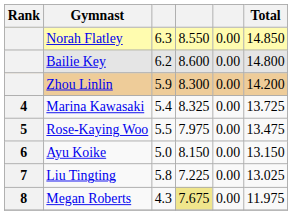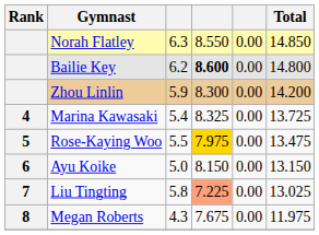 <table class="wikitable sortable" style="text-align:center; font-size:95%">
 <tr>
 <th scope=col>Rank</th>
 <th scope=col>Gymnast</th>
 <th scope=col></th>
 <th scope=col></th>
 <th scope=col></th>
 <th scope=col>Total</th>
 </tr>
 <tr bgcolor=fffcaf>
 <th scope=row style="text-align:center"></th>
 <td align=left><a href='#'>Norah Flatley</a><br></td>
 <td>6.3</td>
 <td>8.550</td>
 <td>0.00</td>
 <td>14.850</td>
 </tr>
 <tr bgcolor=e5e5e5>
 <th scope=row style="text-align:center"></th>
 <td align=left><a href='#'>Bailie Key</a><br></td>
 <td>6.2</td>
-<td>8.600</td>
+<td><strong>8.600</strong></td>
 <td>0.00</td>
 <td>14.800</td>
 </tr>
 <tr bgcolor=eecc99>
 <th scope=row style="text-align:center"></th>
 <td align=left><a href='#'>Zhou Linlin</a><br></td>
 <td>5.9</td>
 <td>8.300</td>
 <td>0.00</td>
 <td>14.200</td>
 </tr>
 <tr>
 <th scope=row style="text-align:center">4</th>
 <td align=left><a href='#'>Marina Kawasaki</a><br></td>
 <td>5.4</td>
 <td>8.325</td>
 <td>0.00</td>
 <td>13.725</td>
 </tr>
 <tr>
 <th scope=row style="text-align:center">5</th>
 <td align=left><a href='#'>Rose-Kaying Woo</a><br></td>
 <td>5.5</td>
-<td>7.975</td>
+<td style="background: gold;">7.975</td>
 <td>0.00</td>
 <td>13.475</td>
 </tr>
 <tr>
 <th scope=row style="text-align:center">6</th>
 <td align=left><a href='#'>Ayu Koike</a><br></td>
 <td>5.0</td>
 <td>8.150</td>
 <td>0.00</td>
 <td>13.150</td>
 </tr>
 <tr>
 <th scope=row style="text-align:center">7</th>
 <td align=left><a href='#'>Liu Tingting</a><br></td>
 <td>5.8</td>
-<td>7.225</td>
+<td style="background: lightsalmon;">7.225</td>
 <td>0.00</td>
 <td>13.025</td>
 </tr>
 <tr>
 <th scope=row style="text-align:center">8</th>
 <td align=left><a href='#'>Megan Roberts</a><br></td>
 <td>4.3</td>
-<td style="background: khaki;">7.675</td>
+<td>7.675</td>
 <td>0.00</td>
 <td>11.975</td>
 </tr>
 <tr>
 </tr>
 </table>
